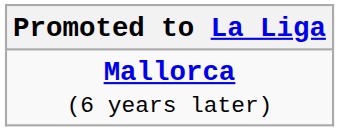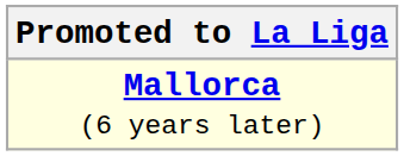 <table class="wikitable" style="text-align: center; margin: 0 auto;">
 <tr>
 <th colspan="9">Promoted to  <a href='#'>La Liga</a></th>
 </tr>
 <tr>
-<td><strong><a href='#'>Mallorca</a></strong><br><small>(6 years later)</small></td>
+<td style="background: lightyellow;"><strong><a href='#'>Mallorca</a></strong><br><small>(6 years later)</small></td>
 </tr>
 </table>
